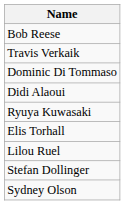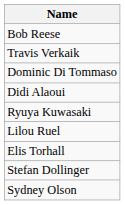 <table class="wikitable">
 <tr>
 <th>Name</th>
 </tr>
 <tr>
 <td> Bob Reese</td>
 </tr>
 <tr>
 <td> Travis Verkaik</td>
 </tr>
 <tr>
 <td> Dominic Di Tommaso</td>
 </tr>
 <tr>
 <td> Didi Alaoui</td>
 </tr>
 <tr>
 <td> Ryuya Kuwasaki</td>
 </tr>
 <tr>
-<td> Elis Torhall</td>
+<td> Lilou Ruel</td>
 </tr>
 <tr>
-<td> Lilou Ruel</td>
+<td> Elis Torhall</td>
 </tr>
 <tr>
 <td> Stefan Dollinger</td>
 </tr>
 <tr>
 <td> Sydney Olson</td>
 </tr>
 </table>
